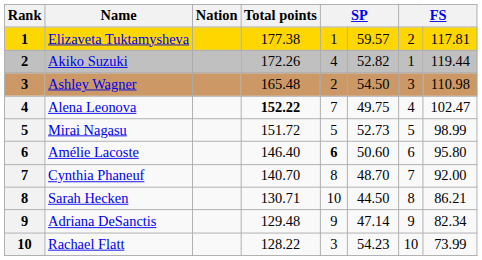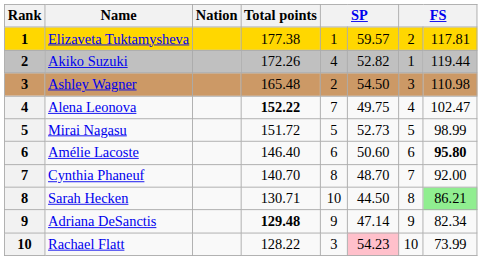 <table class="wikitable sortable">
 <tr>
 <th>Rank</th>
 <th>Name</th>
 <th>Nation</th>
 <th>Total points</th>
 <th colspan="2" width="80px"><a href='#'>SP</a></th>
 <th colspan="2" width="80px"><a href='#'>FS</a></th>
 </tr>
 <tr bgcolor="gold">
 <td align="center"><strong>1</strong></td>
 <td><a href='#'>Elizaveta Tuktamysheva</a></td>
 <td></td>
 <td align="center">177.38</td>
 <td align="center">1</td>
 <td align="center">59.57</td>
 <td align="center">2</td>
 <td align="center">117.81</td>
 </tr>
 <tr bgcolor="silver">
 <td align="center"><strong>2</strong></td>
 <td><a href='#'>Akiko Suzuki</a></td>
 <td></td>
 <td align="center">172.26</td>
 <td align="center">4</td>
 <td align="center">52.82</td>
 <td align="center">1</td>
 <td align="center">119.44</td>
 </tr>
 <tr bgcolor="cc9966">
 <td align="center"><strong>3</strong></td>
 <td><a href='#'>Ashley Wagner</a></td>
 <td></td>
 <td align="center">165.48</td>
 <td align="center">2</td>
 <td align="center">54.50</td>
 <td align="center">3</td>
 <td align="center">110.98</td>
 </tr>
 <tr>
 <th>4</th>
 <td><a href='#'>Alena Leonova</a></td>
 <td></td>
 <td align="center"><strong>152.22</strong></td>
 <td align="center">7</td>
 <td align="center">49.75</td>
 <td align="center">4</td>
 <td align="center">102.47</td>
 </tr>
 <tr>
 <th>5</th>
 <td><a href='#'>Mirai Nagasu</a></td>
 <td></td>
 <td align="center">151.72</td>
 <td align="center">5</td>
 <td align="center">52.73</td>
 <td align="center">5</td>
 <td align="center">98.99</td>
 </tr>
 <tr>
 <th>6</th>
 <td><a href='#'>Amélie Lacoste</a></td>
 <td></td>
 <td align="center">146.40</td>
-<td align="center"><strong>6</strong></td>
+<td align="center">6</td>
 <td align="center">50.60</td>
 <td align="center">6</td>
-<td align="center">95.80</td>
+<td align="center"><strong>95.80</strong></td>
 </tr>
 <tr>
 <th>7</th>
 <td><a href='#'>Cynthia Phaneuf</a></td>
 <td></td>
 <td align="center">140.70</td>
 <td align="center">8</td>
 <td align="center">48.70</td>
 <td align="center">7</td>
 <td align="center">92.00</td>
 </tr>
 <tr>
 <th>8</th>
 <td><a href='#'>Sarah Hecken</a></td>
 <td></td>
 <td align="center">130.71</td>
 <td align="center">10</td>
 <td align="center">44.50</td>
 <td align="center">8</td>
-<td align="center">86.21</td>
+<td align="center" style="background: lightgreen;">86.21</td>
 </tr>
 <tr>
 <th>9</th>
 <td><a href='#'>Adriana DeSanctis</a></td>
 <td></td>
-<td align="center">129.48</td>
+<td align="center"><strong>129.48</strong></td>
 <td align="center">9</td>
 <td align="center">47.14</td>
 <td align="center">9</td>
 <td align="center">82.34</td>
 </tr>
 <tr>
 <th>10</th>
 <td><a href='#'>Rachael Flatt</a></td>
 <td></td>
 <td align="center">128.22</td>
 <td align="center">3</td>
-<td align="center">54.23</td>
+<td align="center" style="background: pink;">54.23</td>
 <td align="center">10</td>
 <td align="center">73.99</td>
 </tr>
 </table>
